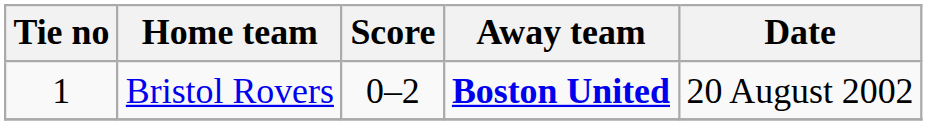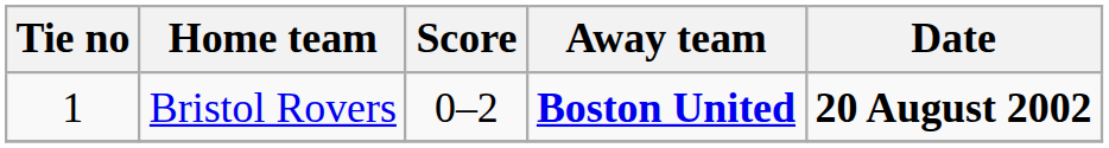 <table class="wikitable" style="text-align: center">
 <tr>
 <th>Tie no</th>
 <th>Home team</th>
 <th>Score</th>
 <th>Away team</th>
 <th>Date</th>
 </tr>
 <tr>
 <td>1</td>
 <td><a href='#'>Bristol Rovers</a></td>
 <td>0–2</td>
 <td><strong><a href='#'>Boston United</a></strong></td>
-<td>20 August 2002</td>
+<td><strong>20 August 2002</strong></td>
 </tr>
 <tr>
 </tr>
 </table>
